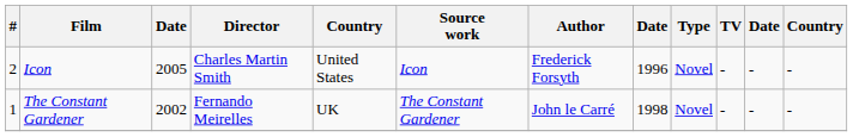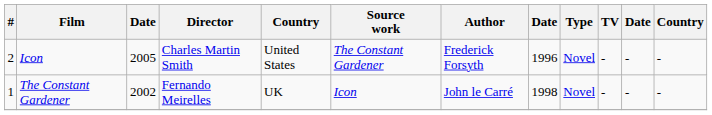 <table class="wikitable">
 <tr>
 <th>#</th>
 <th>Film</th>
 <th>Date</th>
 <th>Director</th>
 <th>Country</th>
 <th>Source <br>work</th>
 <th>Author</th>
 <th>Date</th>
 <th>Type</th>
 <th>TV</th>
 <th>Date</th>
 <th>Country</th>
 </tr>
 <tr>
 <td>2</td>
 <td><em><a href='#'>Icon</a></em></td>
 <td>2005</td>
 <td><a href='#'>Charles Martin Smith</a></td>
 <td>United States</td>
-<td><em><a href='#'>Icon</a></em></td>
+<td><em><a href='#'>The Constant Gardener</a></em></td>
 <td><a href='#'>Frederick Forsyth</a></td>
 <td>1996</td>
 <td><a href='#'>Novel</a></td>
 <td>-</td>
 <td>-</td>
 <td>-</td>
 </tr>
 <tr>
 <td>1</td>
 <td><em><a href='#'>The Constant Gardener</a></em></td>
 <td>2002</td>
 <td><a href='#'>Fernando Meirelles</a></td>
 <td>UK</td>
-<td><em><a href='#'>The Constant Gardener</a></em></td>
+<td><em><a href='#'>Icon</a></em></td>
 <td><a href='#'>John le Carré</a></td>
 <td>1998</td>
 <td><a href='#'>Novel</a></td>
 <td>-</td>
 <td>-</td>
 <td>-</td>
 </tr>
 <tr>
 </tr>
 </table>
